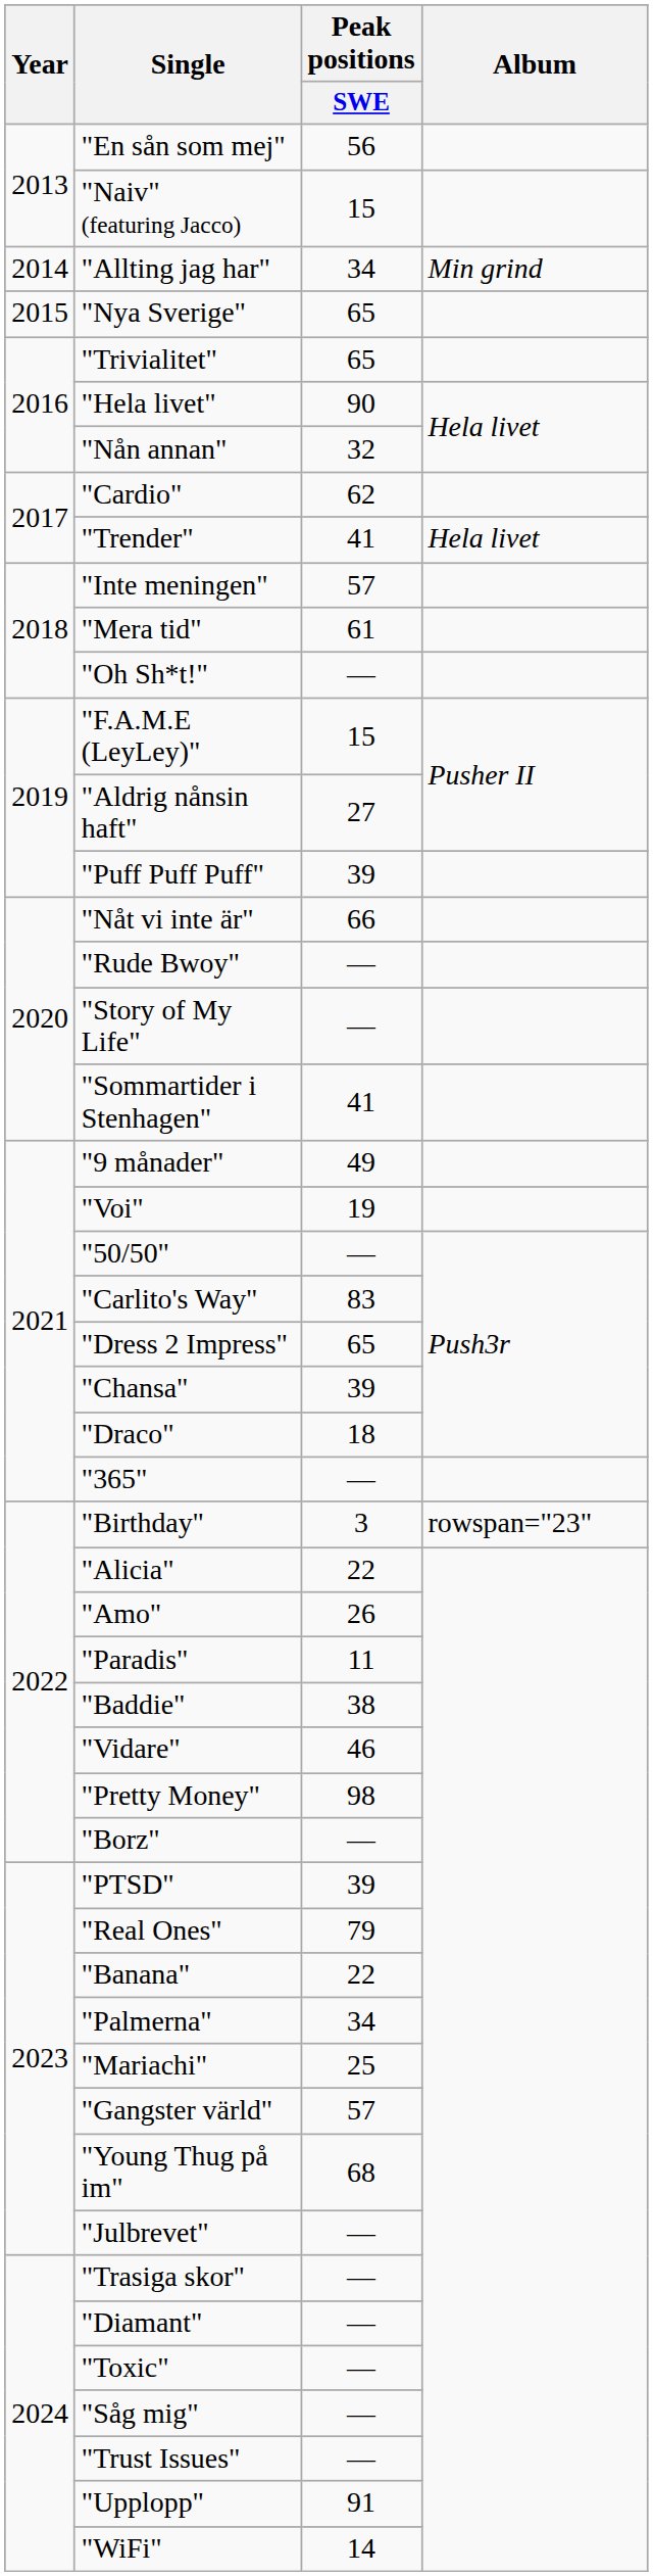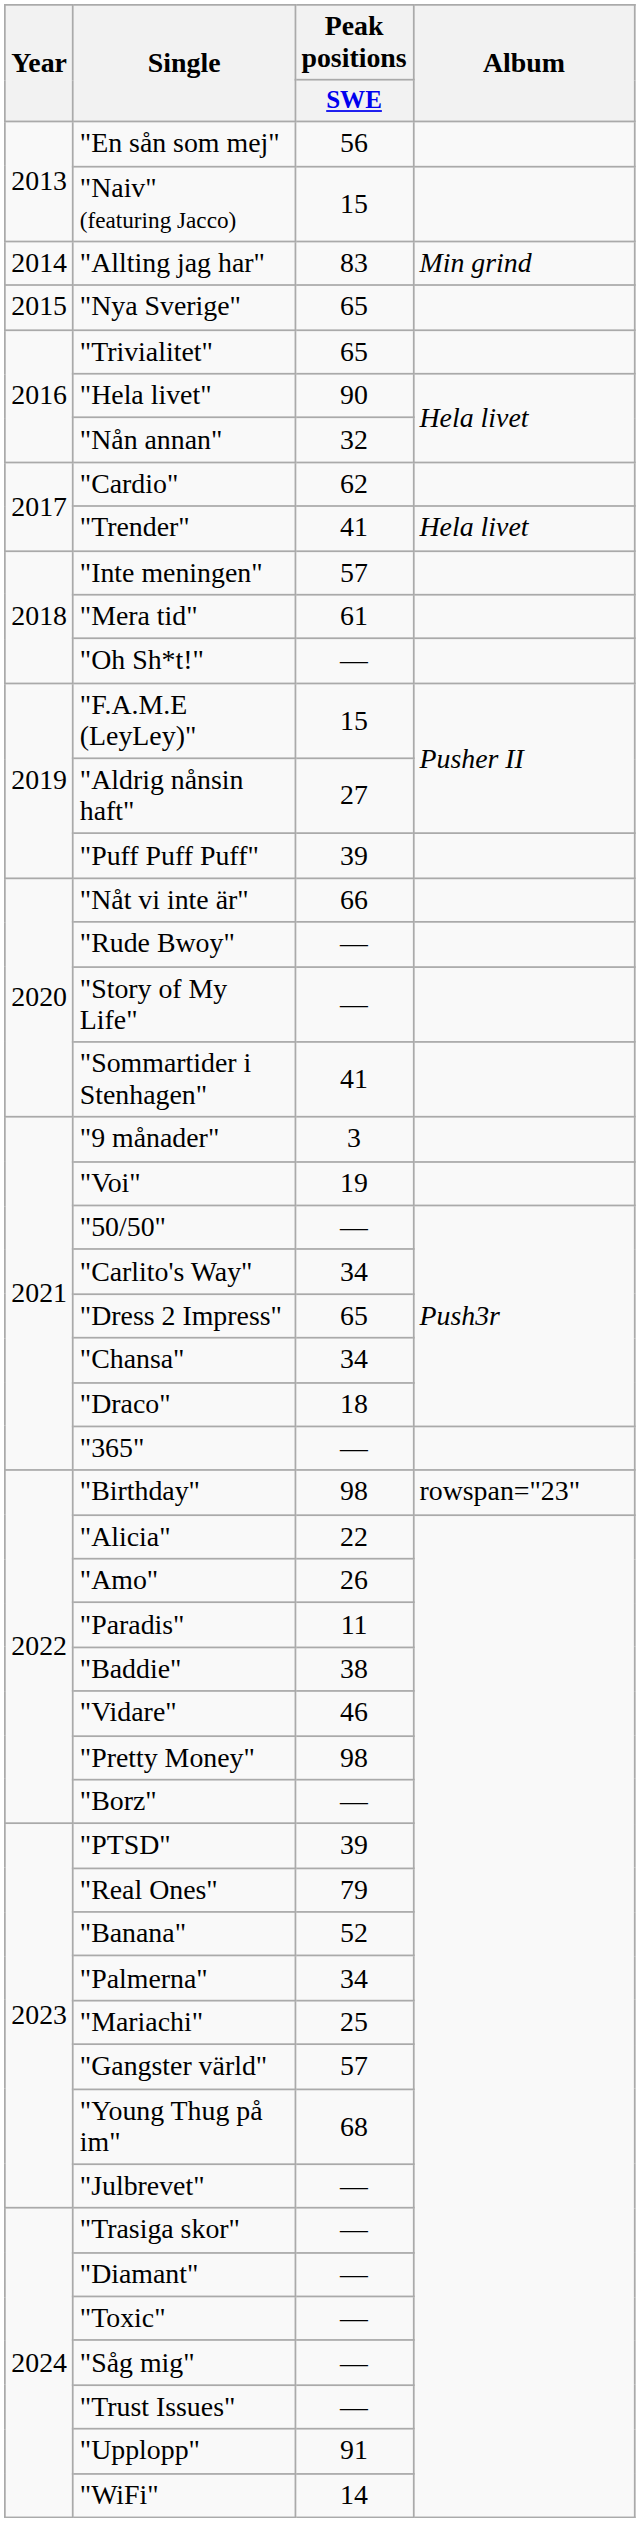 <table class="wikitable">
 <tr>
 <th scope="col" rowspan="2" width="10">Year</th>
 <th scope="col" rowspan="2" width="120">Single</th>
 <th scope="col" colspan="1" width="20">Peak positions</th>
 <th scope="col" rowspan="2" width="120">Album</th>
 </tr>
 <tr>
 <th scope="col" style="width:3em;font-size:90%;"><a href='#'>SWE</a><br></th>
 </tr>
 <tr>
 <td style="text-align:center;" rowspan=2>2013</td>
 <td>"En sån som mej"</td>
 <td style="text-align:center;">56</td>
 <td></td>
 </tr>
 <tr>
 <td>"Naiv" <br><small>(featuring Jacco)</small></td>
 <td style="text-align:center;">15</td>
 <td></td>
 </tr>
 <tr>
 <td style="text-align:center;">2014</td>
 <td>"Allting jag har"</td>
-<td style="text-align:center;">34</td>
+<td style="text-align:center;">83<br></td>
 <td><em>Min grind</em></td>
 </tr>
 <tr>
 <td style="text-align:center;">2015</td>
 <td>"Nya Sverige"</td>
 <td style="text-align:center;">65</td>
 <td></td>
 </tr>
 <tr>
 <td style="text-align:center;" rowspan=3>2016</td>
 <td>"Trivialitet"</td>
 <td style="text-align:center;">65</td>
 <td></td>
 </tr>
 <tr>
 <td>"Hela livet"<br></td>
 <td style="text-align:center;">90</td>
 <td rowspan="2"><em>Hela livet</em></td>
 </tr>
 <tr>
 <td>"Nån annan"<br></td>
 <td style="text-align:center;">32</td>
 </tr>
 <tr>
 <td style="text-align:center;" rowspan="2">2017</td>
 <td>"Cardio"</td>
 <td style="text-align:center;">62</td>
 <td></td>
 </tr>
 <tr>
 <td>"Trender"<br></td>
 <td style="text-align:center;">41<br></td>
 <td><em>Hela livet</em></td>
 </tr>
 <tr>
 <td style="text-align:center;" rowspan="3">2018</td>
 <td>"Inte meningen"<br></td>
 <td style="text-align:center;">57<br></td>
 <td></td>
 </tr>
 <tr>
 <td>"Mera tid"<br></td>
 <td style="text-align:center;">61<br></td>
 <td></td>
 </tr>
 <tr>
 <td>"Oh Sh*t!"<br></td>
 <td style="text-align:center;">—</td>
 <td></td>
 </tr>
 <tr>
 <td style="text-align:center;" rowspan="3">2019</td>
 <td>"F.A.M.E (LeyLey)"<br></td>
 <td style="text-align:center;">15</td>
 <td rowspan="2"><em>Pusher II</em></td>
 </tr>
 <tr>
 <td>"Aldrig nånsin haft"<br></td>
 <td style="text-align:center;">27<br></td>
 </tr>
 <tr>
 <td>"Puff Puff Puff"</td>
 <td style="text-align:center;">39<br></td>
 <td></td>
 </tr>
 <tr>
 <td style="text-align:center;" rowspan="4">2020</td>
 <td>"Nåt vi inte är"</td>
 <td style="text-align:center;">66<br></td>
 <td></td>
 </tr>
 <tr>
 <td>"Rude Bwoy"<br></td>
 <td style="text-align:center;">—</td>
 <td></td>
 </tr>
 <tr>
 <td>"Story of My Life"</td>
 <td style="text-align:center;">—</td>
 <td></td>
 </tr>
 <tr>
 <td>"Sommartider i Stenhagen"</td>
 <td style="text-align:center;">41<br></td>
 <td></td>
 </tr>
 <tr>
 <td style="text-align:center;" rowspan="8">2021</td>
 <td>"9 månader"<br></td>
-<td style="text-align:center;">49<br></td>
+<td style="text-align:center;">3<br></td>
 <td></td>
 </tr>
 <tr>
 <td>"Voi"<br></td>
 <td style="text-align:center;">19<br></td>
 <td></td>
 </tr>
 <tr>
 <td>"50/50"<br></td>
 <td style="text-align:center;">—</td>
 <td rowspan="5"><em>Push3r</em></td>
 </tr>
 <tr>
 <td>"Carlito's Way"<br></td>
-<td style="text-align:center;">83<br></td>
+<td style="text-align:center;">34</td>
 </tr>
 <tr>
 <td>"Dress 2 Impress"<br></td>
 <td style="text-align:center;">65<br></td>
 </tr>
 <tr>
 <td>"Chansa"<br></td>
-<td style="text-align:center;">39<br></td>
+<td style="text-align:center;">34<br></td>
 </tr>
 <tr>
 <td>"Draco"<br></td>
 <td style="text-align:center;">18<br></td>
 </tr>
 <tr>
 <td>"365"</td>
 <td style="text-align:center;">—</td>
 <td></td>
 </tr>
 <tr>
 <td style="text-align:center;" rowspan="8">2022</td>
 <td>"Birthday"<br></td>
-<td style="text-align:center;">3<br></td>
+<td style="text-align:center;">98<br></td>
 <td>rowspan="23" </td>
 </tr>
 <tr>
 <td>"Alicia"<br></td>
 <td style="text-align:center;">22<br></td>
 </tr>
 <tr>
 <td>"Amo"</td>
 <td style="text-align:center;">26<br></td>
 </tr>
 <tr>
 <td>"Paradis"<br></td>
 <td style="text-align:center;">11<br></td>
 </tr>
 <tr>
 <td>"Baddie"<br></td>
 <td style="text-align:center;">38<br></td>
 </tr>
 <tr>
 <td>"Vidare"</td>
 <td style="text-align:center;">46<br></td>
 </tr>
 <tr>
 <td>"Pretty Money"<br></td>
 <td style="text-align:center;">98<br></td>
 </tr>
 <tr>
 <td>"Borz"</td>
 <td style="text-align:center;">—</td>
 </tr>
 <tr>
 <td style="text-align:center;" rowspan="8">2023</td>
 <td>"PTSD"<br></td>
 <td style="text-align:center;">39<br></td>
 </tr>
 <tr>
 <td>"Real Ones"</td>
 <td style="text-align:center;">79<br></td>
 </tr>
 <tr>
 <td>"Banana"<br></td>
-<td style="text-align:center;">22<br></td>
+<td style="text-align:center;">52<br></td>
 </tr>
 <tr>
 <td>"Palmerna"</td>
 <td style="text-align:center;">34<br></td>
 </tr>
 <tr>
 <td>"Mariachi"<br></td>
 <td style="text-align:center;">25<br></td>
 </tr>
 <tr>
 <td>"Gangster värld"</td>
 <td style="text-align:center;">57<br></td>
 </tr>
 <tr>
 <td>"Young Thug på im"<br></td>
 <td style="text-align:center;">68<br></td>
 </tr>
 <tr>
 <td>"Julbrevet"<br></td>
 <td style="text-align:center;">—</td>
 </tr>
 <tr>
 <td style="text-align:center;" rowspan="7">2024</td>
 <td>"Trasiga skor"<br></td>
 <td style="text-align:center;">—</td>
 </tr>
 <tr>
 <td>"Diamant"<br></td>
 <td style="text-align:center;">—</td>
 </tr>
 <tr>
 <td>"Toxic"<br></td>
 <td style="text-align:center;">—</td>
 </tr>
 <tr>
 <td>"Såg mig"<br></td>
 <td style="text-align:center;">—</td>
 </tr>
 <tr>
 <td>"Trust Issues"<br></td>
 <td style="text-align:center;">—</td>
 </tr>
 <tr>
 <td>"Upplopp"<br></td>
 <td style="text-align:center;">91<br></td>
 </tr>
 <tr>
 <td>"WiFi"<br></td>
 <td style="text-align:center;">14<br></td>
 </tr>
 </table>
